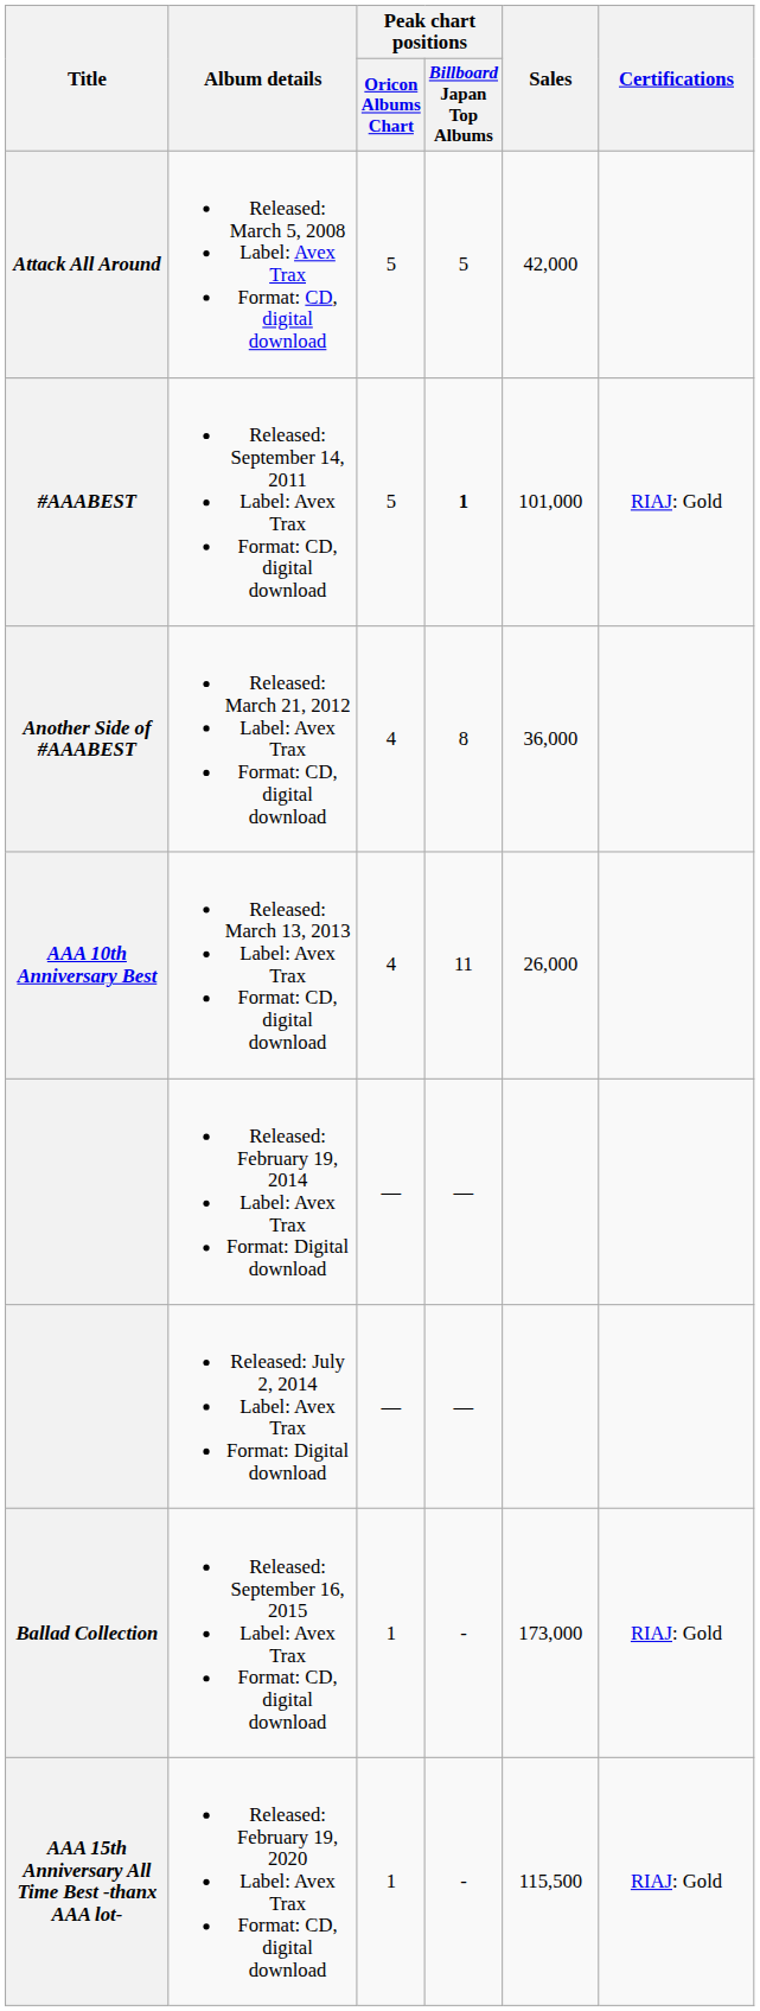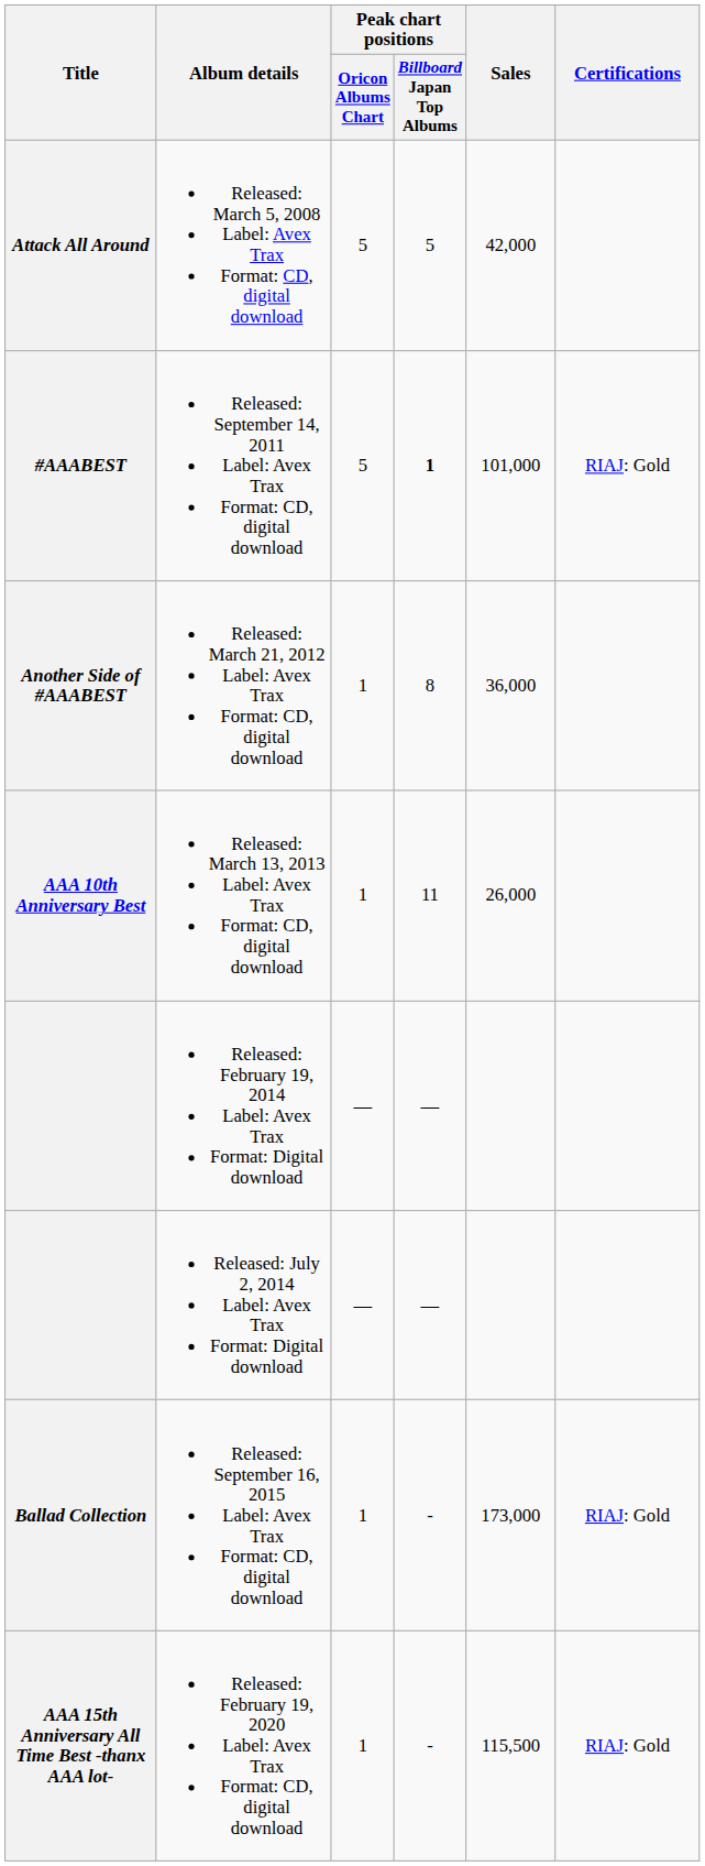 <table class="wikitable plainrowheaders" style="text-align:center;" border="1">
 <tr>
 <th scope="col" rowspan="2" style="width:16em;">Title</th>
 <th scope="col" rowspan="2" style="width:16em;">Album details</th>
 <th scope="col" colspan="2">Peak chart positions</th>
 <th scope="col" rowspan="2" style="width:8em;">Sales</th>
 <th scope="col" rowspan="2" style="width:12em;"><a href='#'>Certifications</a></th>
 </tr>
 <tr>
 <th scope="col" style="width:2.2em;font-size:90%;"><a href='#'>Oricon Albums Chart</a><br></th>
 <th scope="col" style="width:2.2em;font-size:90%;"><em><a href='#'>Billboard</a></em> Japan Top Albums<br></th>
 </tr>
 <tr>
 <th scope="row"><em>Attack All Around</em></th>
 <td><br><ul><li>Released: March 5, 2008</li><li>Label: <a href='#'>Avex Trax</a></li><li>Format: <a href='#'>CD</a>, <a href='#'>digital download</a></li></ul></td>
 <td>5</td>
 <td>5</td>
 <td>42,000</td>
 <td></td>
 </tr>
 <tr>
 <th scope="row"><em>#AAABEST</em></th>
 <td><br><ul><li>Released: September 14, 2011</li><li>Label: Avex Trax</li><li>Format: CD, digital download</li></ul></td>
 <td>5</td>
 <td><strong>1</strong></td>
 <td>101,000</td>
 <td><a href='#'>RIAJ</a>: Gold</td>
 </tr>
 <tr>
 <th scope="row"><em>Another Side of #AAABEST</em></th>
 <td><br><ul><li>Released: March 21, 2012</li><li>Label: Avex Trax</li><li>Format: CD, digital download</li></ul></td>
-<td>4</td>
+<td>1</td>
 <td>8</td>
 <td>36,000</td>
 <td></td>
 </tr>
 <tr>
 <th scope="row"><em><a href='#'>AAA 10th Anniversary Best</a></em></th>
 <td><br><ul><li>Released: March 13, 2013</li><li>Label: Avex Trax</li><li>Format: CD, digital download</li></ul></td>
-<td>4</td>
+<td>1</td>
 <td>11</td>
 <td>26,000</td>
 <td></td>
 </tr>
 <tr>
 <th scope="row"></th>
 <td><br><ul><li>Released: February 19, 2014</li><li>Label: Avex Trax</li><li>Format: Digital download</li></ul></td>
 <td>—</td>
 <td>—</td>
 <td></td>
 <td></td>
 </tr>
 <tr>
 <th scope="row"></th>
 <td><br><ul><li>Released: July 2, 2014</li><li>Label: Avex Trax</li><li>Format: Digital download</li></ul></td>
 <td>—</td>
 <td>—</td>
 <td></td>
 <td></td>
 </tr>
 <tr>
 <th scope="row"><em>Ballad Collection</em></th>
 <td><br><ul><li>Released: September 16, 2015</li><li>Label: Avex Trax</li><li>Format: CD, digital download</li></ul></td>
 <td>1</td>
 <td>-</td>
 <td>173,000</td>
 <td><a href='#'>RIAJ</a>: Gold</td>
 </tr>
 <tr>
 <th scope="row"><em>AAA 15th Anniversary All Time Best -thanx AAA lot-</em></th>
 <td><br><ul><li>Released: February 19, 2020</li><li>Label: Avex Trax</li><li>Format: CD, digital download</li></ul></td>
 <td>1</td>
 <td>-</td>
 <td>115,500</td>
 <td><a href='#'>RIAJ</a>: Gold</td>
 </tr>
 </table>
